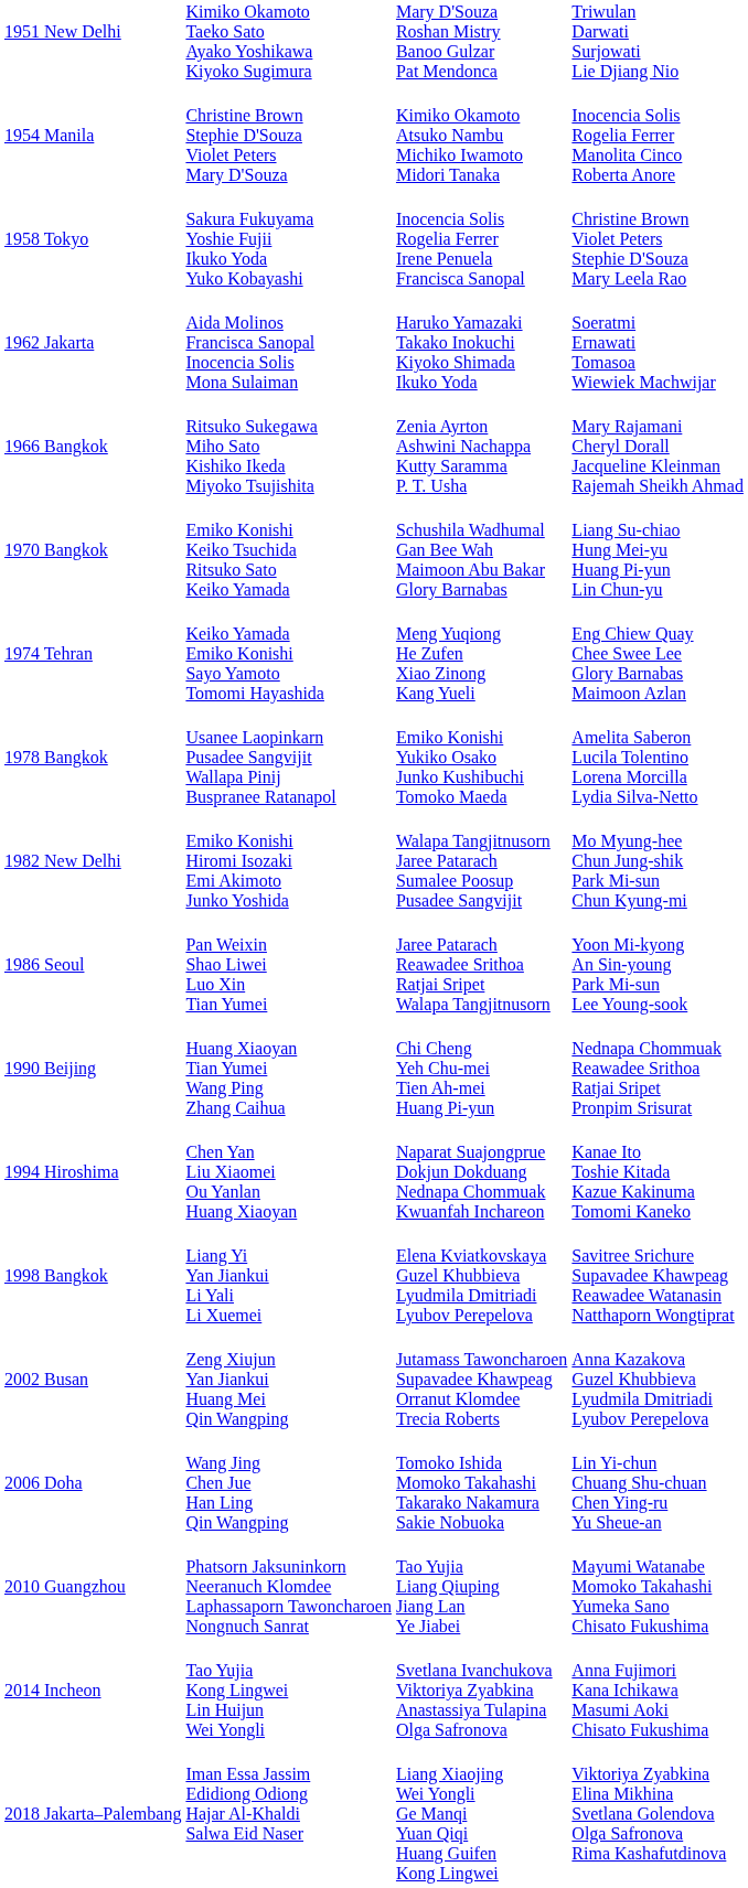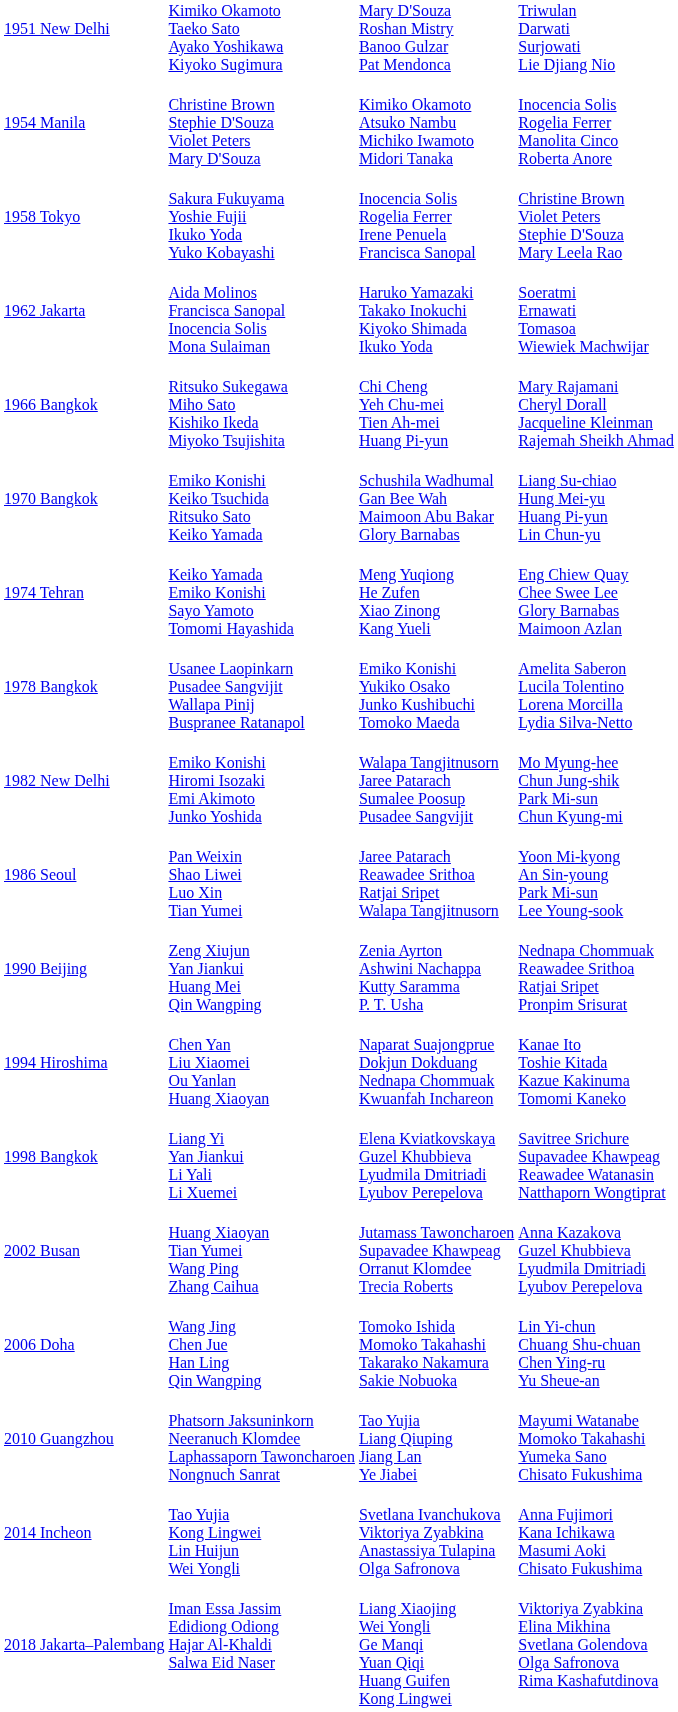 <table>
 <tr>
 <td><a href='#'>1951 New Delhi</a></td>
 <td><br><a href='#'>Kimiko Okamoto</a><br><a href='#'>Taeko Sato</a><br><a href='#'>Ayako Yoshikawa</a><br><a href='#'>Kiyoko Sugimura</a></td>
 <td><br><a href='#'>Mary D'Souza</a><br><a href='#'>Roshan Mistry</a><br><a href='#'>Banoo Gulzar</a><br><a href='#'>Pat Mendonca</a></td>
 <td><br><a href='#'>Triwulan</a><br><a href='#'>Darwati</a><br><a href='#'>Surjowati</a><br><a href='#'>Lie Djiang Nio</a></td>
 </tr>
 <tr>
 <td><a href='#'>1954 Manila</a></td>
 <td><br><a href='#'>Christine Brown</a><br><a href='#'>Stephie D'Souza</a><br><a href='#'>Violet Peters</a><br><a href='#'>Mary D'Souza</a></td>
 <td><br><a href='#'>Kimiko Okamoto</a><br><a href='#'>Atsuko Nambu</a><br><a href='#'>Michiko Iwamoto</a><br><a href='#'>Midori Tanaka</a></td>
 <td><br><a href='#'>Inocencia Solis</a><br><a href='#'>Rogelia Ferrer</a><br><a href='#'>Manolita Cinco</a><br><a href='#'>Roberta Anore</a></td>
 </tr>
 <tr>
 <td><a href='#'>1958 Tokyo</a></td>
 <td><br><a href='#'>Sakura Fukuyama</a><br><a href='#'>Yoshie Fujii</a><br><a href='#'>Ikuko Yoda</a><br><a href='#'>Yuko Kobayashi</a></td>
 <td><br><a href='#'>Inocencia Solis</a><br><a href='#'>Rogelia Ferrer</a><br><a href='#'>Irene Penuela</a><br><a href='#'>Francisca Sanopal</a></td>
 <td><br><a href='#'>Christine Brown</a><br><a href='#'>Violet Peters</a><br><a href='#'>Stephie D'Souza</a><br><a href='#'>Mary Leela Rao</a></td>
 </tr>
 <tr>
 <td><a href='#'>1962 Jakarta</a></td>
 <td><br><a href='#'>Aida Molinos</a><br><a href='#'>Francisca Sanopal</a><br><a href='#'>Inocencia Solis</a><br><a href='#'>Mona Sulaiman</a></td>
 <td><br><a href='#'>Haruko Yamazaki</a><br><a href='#'>Takako Inokuchi</a><br><a href='#'>Kiyoko Shimada</a><br><a href='#'>Ikuko Yoda</a></td>
 <td><br><a href='#'>Soeratmi</a><br><a href='#'>Ernawati</a><br><a href='#'>Tomasoa</a><br><a href='#'>Wiewiek Machwijar</a></td>
 </tr>
 <tr>
 <td><a href='#'>1966 Bangkok</a></td>
 <td><br><a href='#'>Ritsuko Sukegawa</a><br><a href='#'>Miho Sato</a><br><a href='#'>Kishiko Ikeda</a><br><a href='#'>Miyoko Tsujishita</a></td>
-<td><br><a href='#'>Zenia Ayrton</a><br><a href='#'>Ashwini Nachappa</a><br><a href='#'>Kutty Saramma</a><br><a href='#'>P. T. Usha</a></td>
+<td><br><a href='#'>Chi Cheng</a><br><a href='#'>Yeh Chu-mei</a><br><a href='#'>Tien Ah-mei</a><br><a href='#'>Huang Pi-yun</a></td>
 <td><br><a href='#'>Mary Rajamani</a><br><a href='#'>Cheryl Dorall</a><br><a href='#'>Jacqueline Kleinman</a><br><a href='#'>Rajemah Sheikh Ahmad</a></td>
 </tr>
 <tr>
 <td><a href='#'>1970 Bangkok</a></td>
 <td><br><a href='#'>Emiko Konishi</a><br><a href='#'>Keiko Tsuchida</a><br><a href='#'>Ritsuko Sato</a><br><a href='#'>Keiko Yamada</a></td>
 <td><br><a href='#'>Schushila Wadhumal</a><br><a href='#'>Gan Bee Wah</a><br><a href='#'>Maimoon Abu Bakar</a><br><a href='#'>Glory Barnabas</a></td>
 <td><br><a href='#'>Liang Su-chiao</a><br><a href='#'>Hung Mei-yu</a><br><a href='#'>Huang Pi-yun</a><br><a href='#'>Lin Chun-yu</a></td>
 </tr>
 <tr>
 <td><a href='#'>1974 Tehran</a></td>
 <td><br><a href='#'>Keiko Yamada</a><br><a href='#'>Emiko Konishi</a><br><a href='#'>Sayo Yamoto</a><br><a href='#'>Tomomi Hayashida</a></td>
 <td><br><a href='#'>Meng Yuqiong</a><br><a href='#'>He Zufen</a><br><a href='#'>Xiao Zinong</a><br><a href='#'>Kang Yueli</a></td>
 <td><br><a href='#'>Eng Chiew Quay</a><br><a href='#'>Chee Swee Lee</a><br><a href='#'>Glory Barnabas</a><br><a href='#'>Maimoon Azlan</a></td>
 </tr>
 <tr>
 <td><a href='#'>1978 Bangkok</a></td>
 <td><br><a href='#'>Usanee Laopinkarn</a><br><a href='#'>Pusadee Sangvijit</a><br><a href='#'>Wallapa Pinij</a><br><a href='#'>Buspranee Ratanapol</a></td>
 <td><br><a href='#'>Emiko Konishi</a><br><a href='#'>Yukiko Osako</a><br><a href='#'>Junko Kushibuchi</a><br><a href='#'>Tomoko Maeda</a></td>
 <td><br><a href='#'>Amelita Saberon</a><br><a href='#'>Lucila Tolentino</a><br><a href='#'>Lorena Morcilla</a><br><a href='#'>Lydia Silva-Netto</a></td>
 </tr>
 <tr>
 <td><a href='#'>1982 New Delhi</a></td>
 <td><br><a href='#'>Emiko Konishi</a><br><a href='#'>Hiromi Isozaki</a><br><a href='#'>Emi Akimoto</a><br><a href='#'>Junko Yoshida</a></td>
 <td><br><a href='#'>Walapa Tangjitnusorn</a><br><a href='#'>Jaree Patarach</a><br><a href='#'>Sumalee Poosup</a><br><a href='#'>Pusadee Sangvijit</a></td>
 <td><br><a href='#'>Mo Myung-hee</a><br><a href='#'>Chun Jung-shik</a><br><a href='#'>Park Mi-sun</a><br><a href='#'>Chun Kyung-mi</a></td>
 </tr>
 <tr>
 <td><a href='#'>1986 Seoul</a></td>
 <td><br><a href='#'>Pan Weixin</a><br><a href='#'>Shao Liwei</a><br><a href='#'>Luo Xin</a><br><a href='#'>Tian Yumei</a></td>
 <td><br><a href='#'>Jaree Patarach</a><br><a href='#'>Reawadee Srithoa</a><br><a href='#'>Ratjai Sripet</a><br><a href='#'>Walapa Tangjitnusorn</a></td>
 <td><br><a href='#'>Yoon Mi-kyong</a><br><a href='#'>An Sin-young</a><br><a href='#'>Park Mi-sun</a><br><a href='#'>Lee Young-sook</a></td>
 </tr>
 <tr>
 <td><a href='#'>1990 Beijing</a></td>
-<td><br><a href='#'>Huang Xiaoyan</a><br><a href='#'>Tian Yumei</a><br><a href='#'>Wang Ping</a><br><a href='#'>Zhang Caihua</a></td>
-<td><br><a href='#'>Chi Cheng</a><br><a href='#'>Yeh Chu-mei</a><br><a href='#'>Tien Ah-mei</a><br><a href='#'>Huang Pi-yun</a></td>
+<td><br><a href='#'>Zeng Xiujun</a><br><a href='#'>Yan Jiankui</a><br><a href='#'>Huang Mei</a><br><a href='#'>Qin Wangping</a></td>
+<td><br><a href='#'>Zenia Ayrton</a><br><a href='#'>Ashwini Nachappa</a><br><a href='#'>Kutty Saramma</a><br><a href='#'>P. T. Usha</a></td>
 <td><br><a href='#'>Nednapa Chommuak</a><br><a href='#'>Reawadee Srithoa</a><br><a href='#'>Ratjai Sripet</a><br><a href='#'>Pronpim Srisurat</a></td>
 </tr>
 <tr>
 <td><a href='#'>1994 Hiroshima</a></td>
 <td><br><a href='#'>Chen Yan</a><br><a href='#'>Liu Xiaomei</a><br><a href='#'>Ou Yanlan</a><br><a href='#'>Huang Xiaoyan</a></td>
 <td><br><a href='#'>Naparat Suajongprue</a><br><a href='#'>Dokjun Dokduang</a><br><a href='#'>Nednapa Chommuak</a><br><a href='#'>Kwuanfah Inchareon</a></td>
 <td><br><a href='#'>Kanae Ito</a><br><a href='#'>Toshie Kitada</a><br><a href='#'>Kazue Kakinuma</a><br><a href='#'>Tomomi Kaneko</a></td>
 </tr>
 <tr>
 <td><a href='#'>1998 Bangkok</a></td>
 <td><br><a href='#'>Liang Yi</a><br><a href='#'>Yan Jiankui</a><br><a href='#'>Li Yali</a><br><a href='#'>Li Xuemei</a></td>
 <td><br><a href='#'>Elena Kviatkovskaya</a><br><a href='#'>Guzel Khubbieva</a><br><a href='#'>Lyudmila Dmitriadi</a><br><a href='#'>Lyubov Perepelova</a></td>
 <td><br><a href='#'>Savitree Srichure</a><br><a href='#'>Supavadee Khawpeag</a><br><a href='#'>Reawadee Watanasin</a><br><a href='#'>Natthaporn Wongtiprat</a></td>
 </tr>
 <tr>
 <td><a href='#'>2002 Busan</a></td>
-<td><br><a href='#'>Zeng Xiujun</a><br><a href='#'>Yan Jiankui</a><br><a href='#'>Huang Mei</a><br><a href='#'>Qin Wangping</a></td>
+<td><br><a href='#'>Huang Xiaoyan</a><br><a href='#'>Tian Yumei</a><br><a href='#'>Wang Ping</a><br><a href='#'>Zhang Caihua</a></td>
 <td><br><a href='#'>Jutamass Tawoncharoen</a><br><a href='#'>Supavadee Khawpeag</a><br><a href='#'>Orranut Klomdee</a><br><a href='#'>Trecia Roberts</a></td>
 <td><br><a href='#'>Anna Kazakova</a><br><a href='#'>Guzel Khubbieva</a><br><a href='#'>Lyudmila Dmitriadi</a><br><a href='#'>Lyubov Perepelova</a></td>
 </tr>
 <tr>
 <td><a href='#'>2006 Doha</a></td>
 <td><br><a href='#'>Wang Jing</a><br><a href='#'>Chen Jue</a><br><a href='#'>Han Ling</a><br><a href='#'>Qin Wangping</a></td>
 <td><br><a href='#'>Tomoko Ishida</a><br><a href='#'>Momoko Takahashi</a><br><a href='#'>Takarako Nakamura</a><br><a href='#'>Sakie Nobuoka</a></td>
 <td><br><a href='#'>Lin Yi-chun</a><br><a href='#'>Chuang Shu-chuan</a><br><a href='#'>Chen Ying-ru</a><br><a href='#'>Yu Sheue-an</a></td>
 </tr>
 <tr>
 <td><a href='#'>2010 Guangzhou</a></td>
 <td><br><a href='#'>Phatsorn Jaksuninkorn</a><br><a href='#'>Neeranuch Klomdee</a><br><a href='#'>Laphassaporn Tawoncharoen</a><br><a href='#'>Nongnuch Sanrat</a></td>
 <td><br><a href='#'>Tao Yujia</a><br><a href='#'>Liang Qiuping</a><br><a href='#'>Jiang Lan</a><br><a href='#'>Ye Jiabei</a></td>
 <td><br><a href='#'>Mayumi Watanabe</a><br><a href='#'>Momoko Takahashi</a><br><a href='#'>Yumeka Sano</a><br><a href='#'>Chisato Fukushima</a></td>
 </tr>
 <tr>
 <td><a href='#'>2014 Incheon</a></td>
 <td><br><a href='#'>Tao Yujia</a><br><a href='#'>Kong Lingwei</a><br><a href='#'>Lin Huijun</a><br><a href='#'>Wei Yongli</a></td>
 <td><br><a href='#'>Svetlana Ivanchukova</a><br><a href='#'>Viktoriya Zyabkina</a><br><a href='#'>Anastassiya Tulapina</a><br><a href='#'>Olga Safronova</a></td>
 <td><br><a href='#'>Anna Fujimori</a><br><a href='#'>Kana Ichikawa</a><br><a href='#'>Masumi Aoki</a><br><a href='#'>Chisato Fukushima</a></td>
 </tr>
 <tr>
 <td><a href='#'>2018 Jakarta–Palembang</a></td>
 <td valign=top><br><a href='#'>Iman Essa Jassim</a><br><a href='#'>Edidiong Odiong</a><br><a href='#'>Hajar Al-Khaldi</a><br><a href='#'>Salwa Eid Naser</a></td>
 <td><br><a href='#'>Liang Xiaojing</a><br><a href='#'>Wei Yongli</a><br><a href='#'>Ge Manqi</a><br><a href='#'>Yuan Qiqi</a><br><a href='#'>Huang Guifen</a><br><a href='#'>Kong Lingwei</a></td>
 <td valign=top><br><a href='#'>Viktoriya Zyabkina</a><br><a href='#'>Elina Mikhina</a><br><a href='#'>Svetlana Golendova</a><br><a href='#'>Olga Safronova</a><br><a href='#'>Rima Kashafutdinova</a></td>
 </tr>
 </table>
